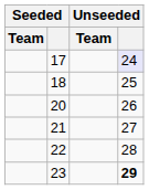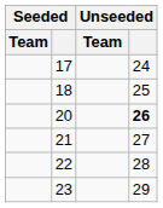 <table class="wikitable">
 <tr>
 <th colspan=2>Seeded</th>
 <th colspan=2>Unseeded</th>
 </tr>
 <tr>
 <th>Team</th>
 <th></th>
 <th>Team</th>
 <th></th>
 </tr>
 <tr>
 <td></td>
 <td>17</td>
 <td></td>
-<td style="background: lavender;">24</td>
+<td>24</td>
 </tr>
 <tr>
 <td></td>
 <td>18</td>
 <td></td>
 <td>25</td>
 </tr>
 <tr>
 <td></td>
 <td>20</td>
 <td></td>
-<td>26</td>
+<td><strong>26</strong></td>
 </tr>
 <tr>
 <td></td>
 <td>21</td>
 <td></td>
 <td>27</td>
 </tr>
 <tr>
 <td></td>
 <td>22</td>
 <td></td>
 <td>28</td>
 </tr>
 <tr>
 <td></td>
 <td>23</td>
 <td></td>
-<td><strong>29</strong></td>
+<td>29</td>
 </tr>
 </table>
